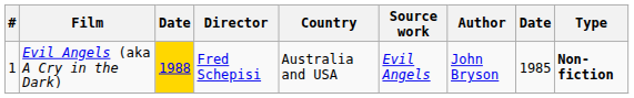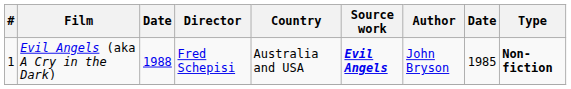 <table class="wikitable">
 <tr>
 <th>#</th>
 <th>Film</th>
 <th>Date</th>
 <th>Director</th>
 <th>Country</th>
 <th>Source<br>work</th>
 <th>Author</th>
 <th>Date</th>
 <th>Type</th>
 </tr>
 <tr>
 <td>1</td>
 <td><em><a href='#'>Evil Angels</a></em> (aka <em>A Cry in the Dark</em>)</td>
-<td style="background: gold;"><a href='#'>1988</a></td>
+<td><a href='#'>1988</a></td>
 <td><a href='#'>Fred Schepisi</a></td>
 <td>Australia and USA</td>
-<td><em><a href='#'>Evil Angels</a></em> </td>
+<td><strong><em><a href='#'>Evil Angels</a></em> </strong></td>
 <td><a href='#'>John Bryson</a></td>
 <td>1985</td>
 <td><strong>Non-fiction</strong></td>
 </tr>
 <tr>
 </tr>
 </table>
